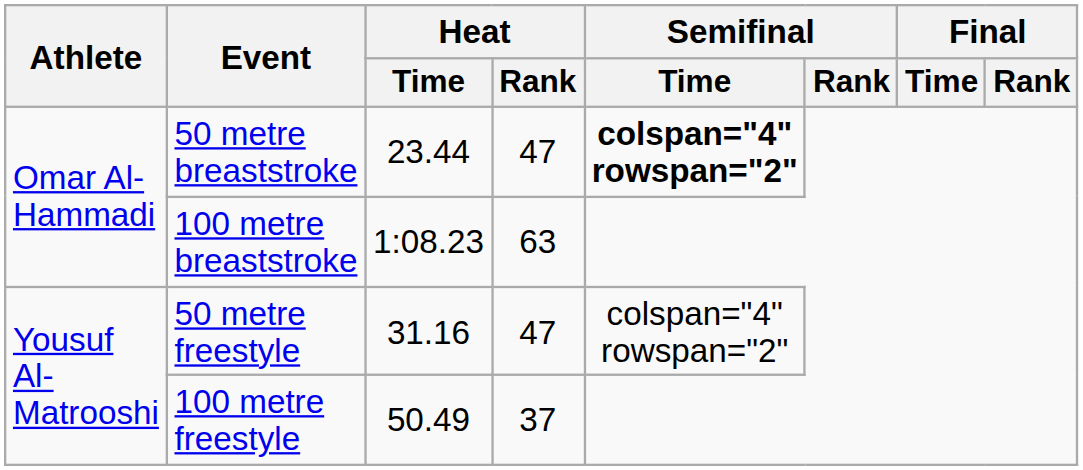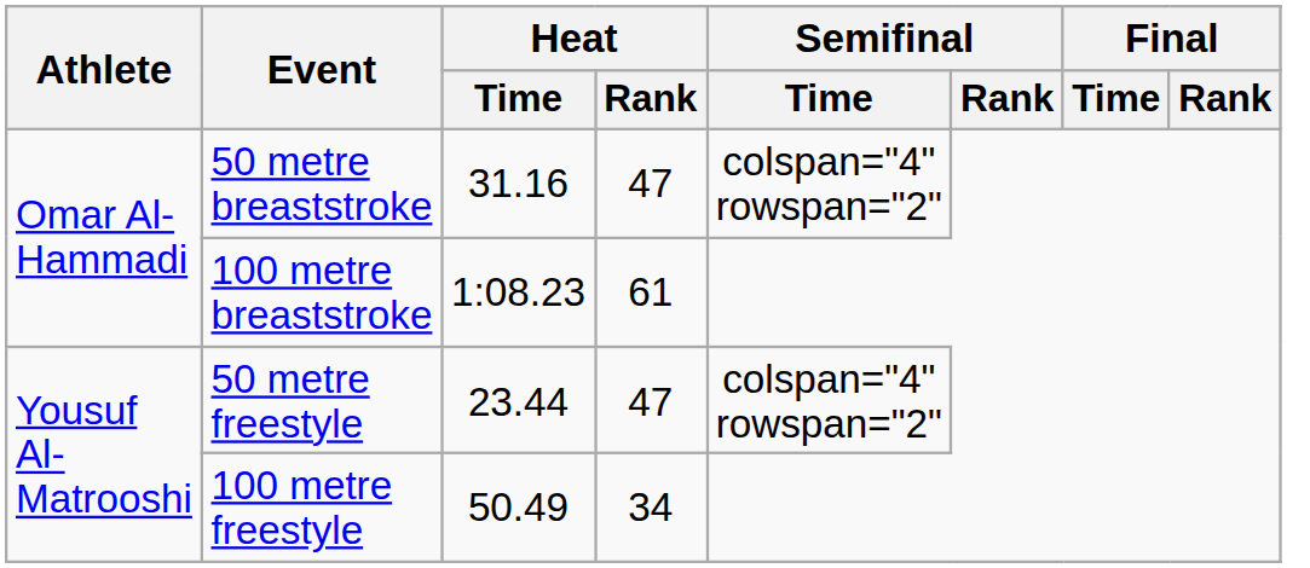 <table class="wikitable" style="text-align:center; font-size:90%; width:50%;">
 <tr>
 <th rowspan="2">Athlete</th>
 <th rowspan="2">Event</th>
 <th colspan="2">Heat</th>
 <th colspan="2">Semifinal</th>
 <th colspan="2">Final</th>
 </tr>
 <tr style="font-size:95%">
 <th>Time</th>
 <th>Rank</th>
 <th>Time</th>
 <th>Rank</th>
 <th>Time</th>
 <th>Rank</th>
 </tr>
 <tr align=center>
 <td align=left rowspan="2"><a href='#'>Omar Al-Hammadi</a></td>
 <td align=left><a href='#'>50 metre breaststroke</a></td>
-<td>23.44</td>
+<td>31.16</td>
 <td>47</td>
-<td><strong>colspan="4" rowspan="2"</strong></td>
+<td>colspan="4" rowspan="2"</td>
 </tr>
 <tr align=center>
 <td align=left><a href='#'>100 metre breaststroke</a></td>
 <td>1:08.23</td>
-<td>63</td>
+<td>61</td>
 </tr>
 <tr align=center>
 <td align=left rowspan="2"><a href='#'>Yousuf Al-Matrooshi</a></td>
 <td align=left><a href='#'>50 metre freestyle</a></td>
-<td>31.16</td>
+<td>23.44</td>
 <td>47</td>
 <td>colspan="4" rowspan="2"</td>
 </tr>
 <tr align=center>
 <td align=left><a href='#'>100 metre freestyle</a></td>
 <td>50.49</td>
-<td>37</td>
+<td>34</td>
 </tr>
 </table>
